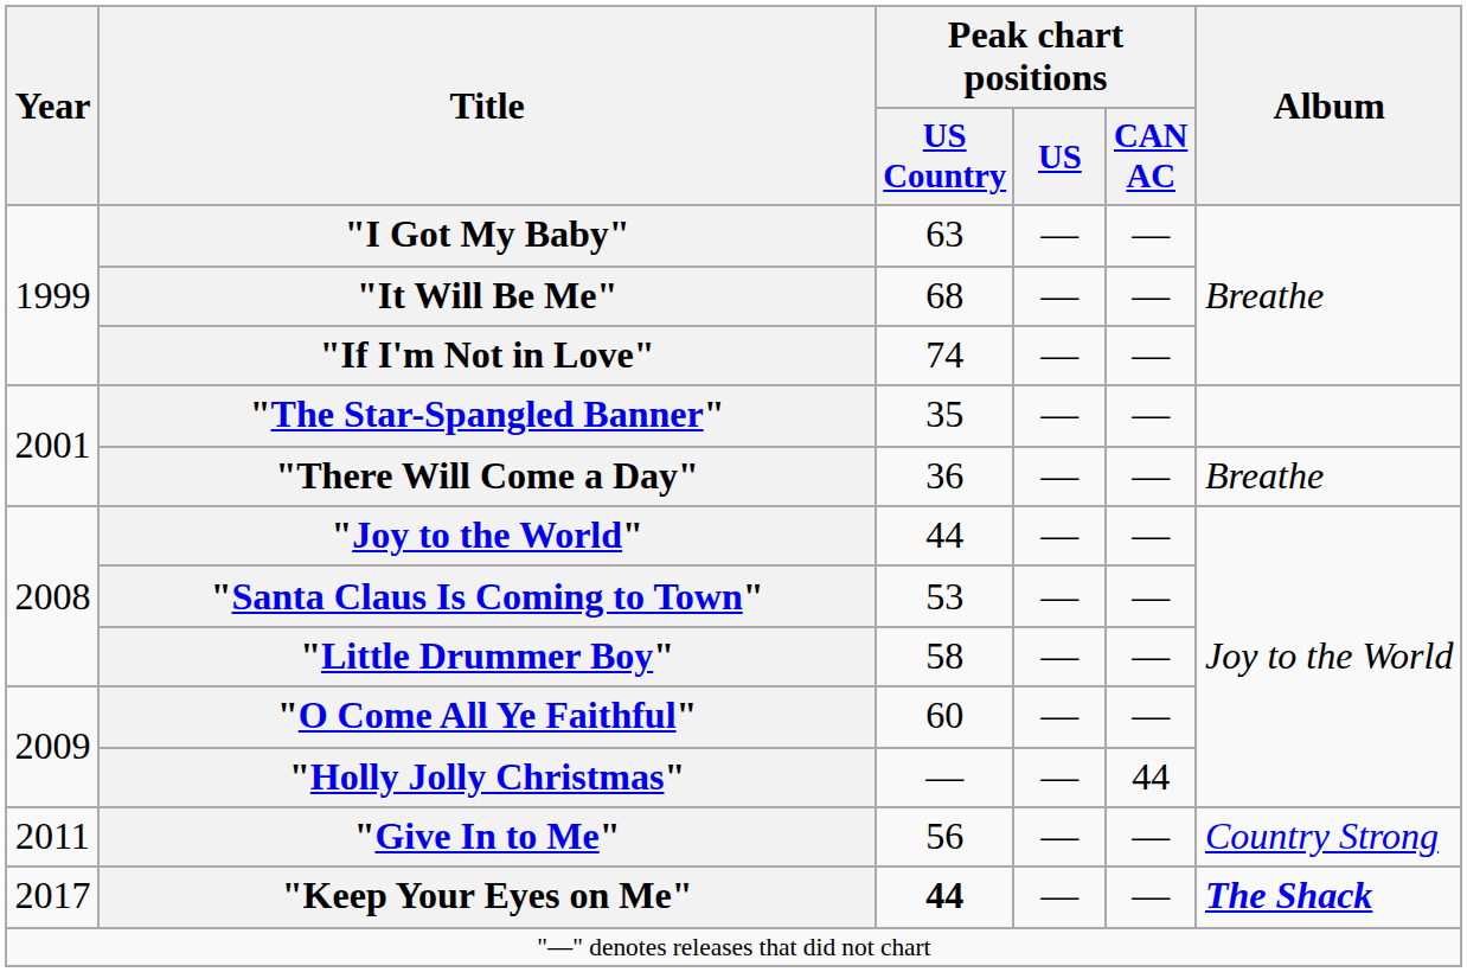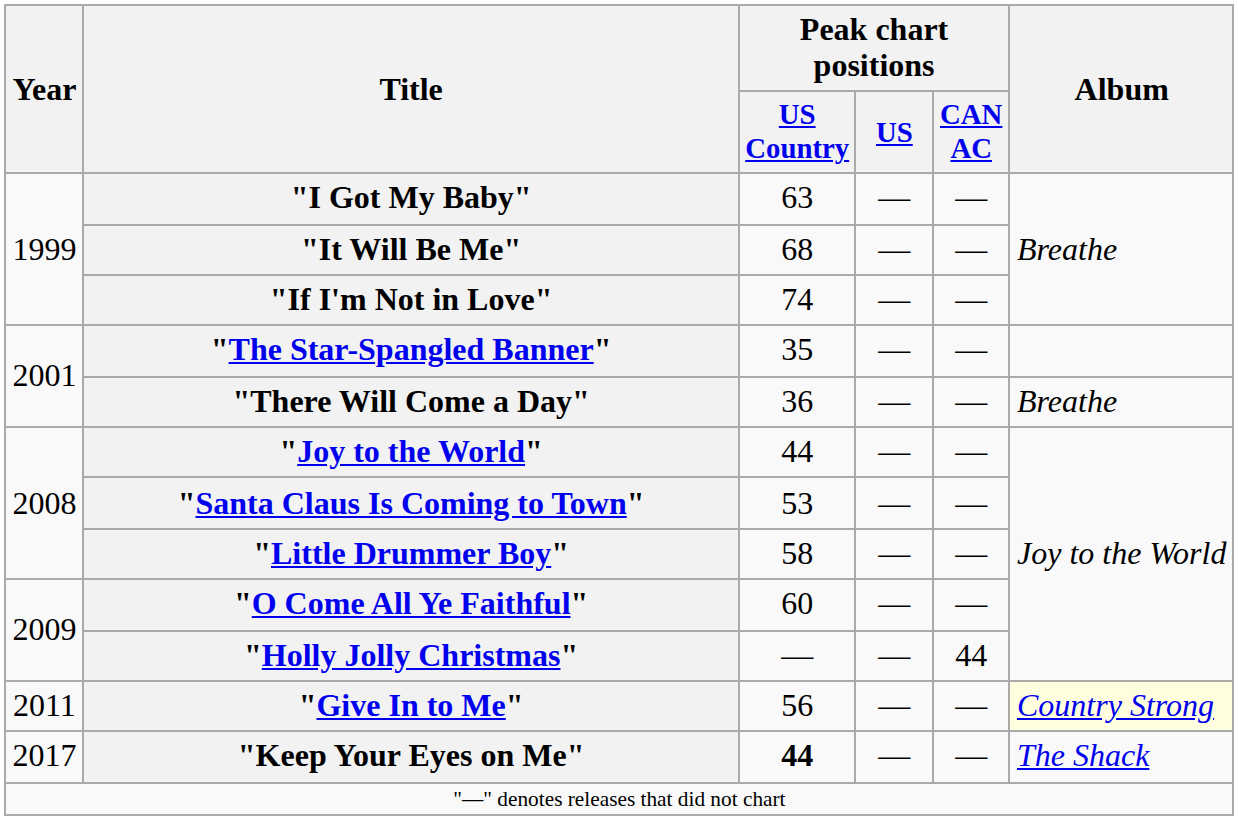 <table class="wikitable plainrowheaders" style="text-align:center;">
 <tr>
 <th scope="col" rowspan="2">Year</th>
 <th scope="col" rowspan="2" style="width:20em;">Title</th>
 <th scope="col" colspan="3">Peak chart positions</th>
 <th scope="col" rowspan="2">Album</th>
 </tr>
 <tr>
 <th scope="col" style="width:2.2em;font-size:90%;"><a href='#'>US Country</a><br></th>
 <th scope="col" style="width:2.2em;font-size:90%;"><a href='#'>US</a></th>
 <th scope="col" style="width:2.2em;font-size:90%;"><a href='#'>CAN AC</a><br></th>
 </tr>
 <tr>
 <td rowspan="3">1999</td>
 <th scope="row">"I Got My Baby"</th>
 <td>63</td>
 <td>—</td>
 <td>—</td>
 <td align="left" rowspan="3"><em>Breathe</em></td>
 </tr>
 <tr>
 <th scope="row">"It Will Be Me"</th>
 <td>68</td>
 <td>—</td>
 <td>—</td>
 </tr>
 <tr>
 <th scope="row">"If I'm Not in Love"</th>
 <td>74</td>
 <td>—</td>
 <td>—</td>
 </tr>
 <tr>
 <td rowspan="2">2001</td>
 <th scope="row">"<a href='#'>The Star-Spangled Banner</a>"<br></th>
 <td>35</td>
 <td>—</td>
 <td>—</td>
 <td></td>
 </tr>
 <tr>
 <th scope="row">"There Will Come a Day"</th>
 <td>36</td>
 <td>—</td>
 <td>—</td>
 <td align="left"><em>Breathe</em></td>
 </tr>
 <tr>
 <td rowspan="3">2008</td>
 <th scope="row">"<a href='#'>Joy to the World</a>"</th>
 <td>44</td>
 <td>—</td>
 <td>—</td>
 <td align="left" rowspan="5"><em>Joy to the World</em></td>
 </tr>
 <tr>
 <th scope="row">"<a href='#'>Santa Claus Is Coming to Town</a>"</th>
 <td>53</td>
 <td>—</td>
 <td>—</td>
 </tr>
 <tr>
 <th scope="row">"<a href='#'>Little Drummer Boy</a>"</th>
 <td>58</td>
 <td>—</td>
 <td>—</td>
 </tr>
 <tr>
 <td rowspan="2">2009</td>
 <th scope="row">"<a href='#'>O Come All Ye Faithful</a>"</th>
 <td>60</td>
 <td>—</td>
 <td>—</td>
 </tr>
 <tr>
 <th scope="row">"<a href='#'>Holly Jolly Christmas</a>"</th>
 <td>—</td>
 <td>—</td>
 <td>44</td>
 </tr>
 <tr>
 <td>2011</td>
 <th scope="row">"<a href='#'>Give In to Me</a>"</th>
 <td>56</td>
 <td>—</td>
 <td>—</td>
-<td align="left"><em><a href='#'>Country Strong</a></em></td>
+<td align="left" style="background: lightyellow;"><em><a href='#'>Country Strong</a></em></td>
 </tr>
 <tr>
 <td>2017</td>
 <th scope="row">"Keep Your Eyes on Me" </th>
 <td><strong>44</strong></td>
 <td>—</td>
 <td>—</td>
-<td align="left"><strong><em><a href='#'>The Shack</a></em></strong></td>
+<td align="left"><em><a href='#'>The Shack</a></em></td>
 </tr>
 <tr>
 <td colspan="6" style="font-size:8pt">"—" denotes releases that did not chart</td>
 </tr>
 </table>
